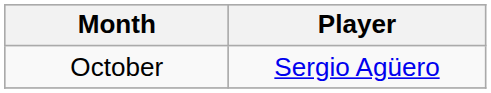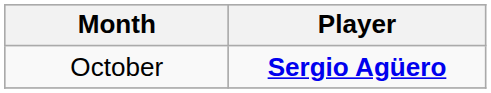 <table class="wikitable" style="text-align:center">
 <tr>
 <th>Month</th>
 <th>Player</th>
 </tr>
 <tr>
 <td style="width:130px;">October</td>
-<td style="width:150px;"> <a href='#'>Sergio Agüero</a></td>
+<td style="width:150px;"><strong> <a href='#'>Sergio Agüero</a></strong></td>
 </tr>
 </table>
